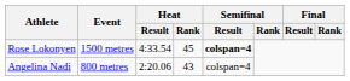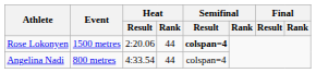 <table class=wikitable style=font-size:90%>
 <tr>
 <th rowspan=2>Athlete</th>
 <th rowspan=2>Event</th>
 <th colspan=2>Heat</th>
 <th colspan=2>Semifinal</th>
 <th colspan=2>Final</th>
 </tr>
 <tr style=font-size:95%>
 <th>Result</th>
 <th>Rank</th>
 <th>Result</th>
 <th>Rank</th>
 <th>Result</th>
 <th>Rank</th>
 </tr>
 <tr align=center>
 <td align=left><a href='#'>Rose Lokonyen</a></td>
 <td align=left><a href='#'>1500 metres</a></td>
-<td>4:33.54 <strong></strong></td>
-<td>45</td>
+<td>2:20.06 <strong></strong></td>
+<td>44</td>
 <td><strong>colspan=4 </strong></td>
 </tr>
 <tr align=center>
 <td align=left><a href='#'>Angelina Nadi</a></td>
 <td align=left><a href='#'>800 metres</a></td>
-<td>2:20.06 <strong></strong></td>
-<td>43</td>
+<td>4:33.54 <strong></strong></td>
+<td>44</td>
 <td>colspan=4 </td>
 </tr>
 </table>
